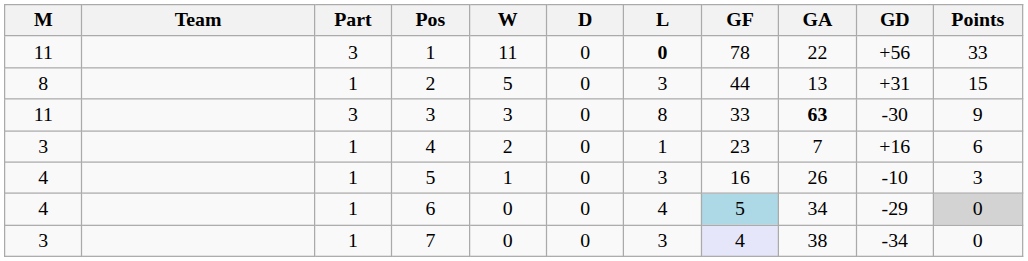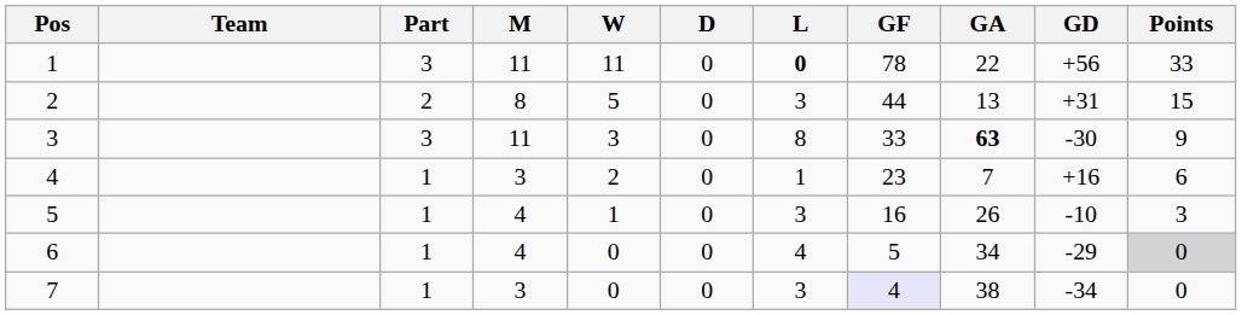 <table class="wikitable sortable" width=65% style="text-align:center">
 <tr>
-<th width=5%>M</th>
+<th width=5%>Pos</th>
 <th width=15%>Team</th>
 <th width=5%>Part</th>
-<th width=5%>Pos</th>
+<th width=5%>M</th>
 <th width=5%>W</th>
 <th width=5%>D</th>
 <th width=5%>L</th>
 <th width=5%>GF</th>
 <th width=5%>GA</th>
 <th width=5%>GD</th>
 <th width=5%>Points</th>
 </tr>
 <tr>
-<td>11</td>
+<td>1</td>
 <td style="text-align:left;"></td>
 <td>3</td>
-<td>1</td>
+<td>11</td>
 <td>11</td>
 <td>0</td>
 <td><strong>0</strong></td>
 <td>78</td>
 <td>22</td>
 <td>+56</td>
 <td>33</td>
 </tr>
 <tr>
+<td>2</td>
+<td style="text-align:left;"></td>
+<td>2</td>
 <td>8</td>
-<td style="text-align:left;"></td>
-<td>1</td>
-<td>2</td>
 <td>5</td>
 <td>0</td>
 <td>3</td>
 <td>44</td>
 <td>13</td>
 <td>+31</td>
 <td>15</td>
 </tr>
 <tr>
-<td>11</td>
+<td>3</td>
 <td style="text-align:left;"></td>
 <td>3</td>
-<td>3</td>
+<td>11</td>
 <td>3</td>
 <td>0</td>
 <td>8</td>
 <td>33</td>
 <td><strong>63</strong></td>
 <td>-30</td>
 <td>9</td>
 </tr>
 <tr>
-<td>3</td>
+<td>4</td>
 <td style="text-align:left;"></td>
 <td>1</td>
-<td>4</td>
+<td>3</td>
 <td>2</td>
 <td>0</td>
 <td>1</td>
 <td>23</td>
 <td>7</td>
 <td>+16</td>
 <td>6</td>
 </tr>
 <tr>
-<td>4</td>
+<td>5</td>
 <td style="text-align:left;"></td>
 <td>1</td>
-<td>5</td>
+<td>4</td>
 <td>1</td>
 <td>0</td>
 <td>3</td>
 <td>16</td>
 <td>26</td>
 <td>-10</td>
 <td>3</td>
 </tr>
 <tr>
-<td>4</td>
+<td>6</td>
 <td style="text-align:left;"></td>
 <td>1</td>
-<td>6</td>
+<td>4</td>
 <td>0</td>
 <td>0</td>
 <td>4</td>
-<td style="background: lightblue;">5</td>
+<td>5</td>
 <td>34</td>
 <td>-29</td>
 <td style="background: lightgrey;">0</td>
 </tr>
 <tr>
-<td>3</td>
+<td>7</td>
 <td style="text-align:left;"></td>
 <td>1</td>
-<td>7</td>
+<td>3</td>
 <td>0</td>
 <td>0</td>
 <td>3</td>
 <td style="background: lavender;">4</td>
 <td>38</td>
 <td>-34</td>
 <td>0</td>
 </tr>
 </table>
